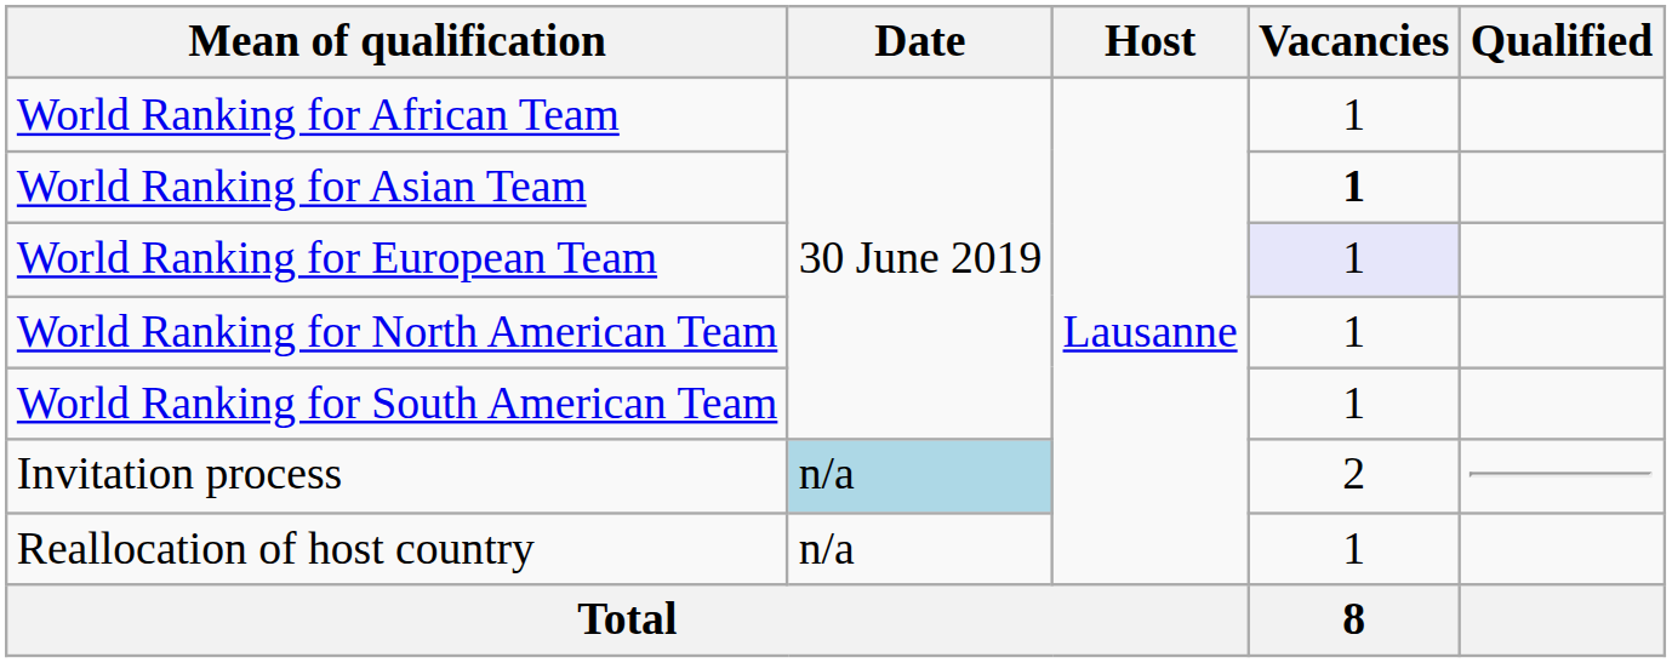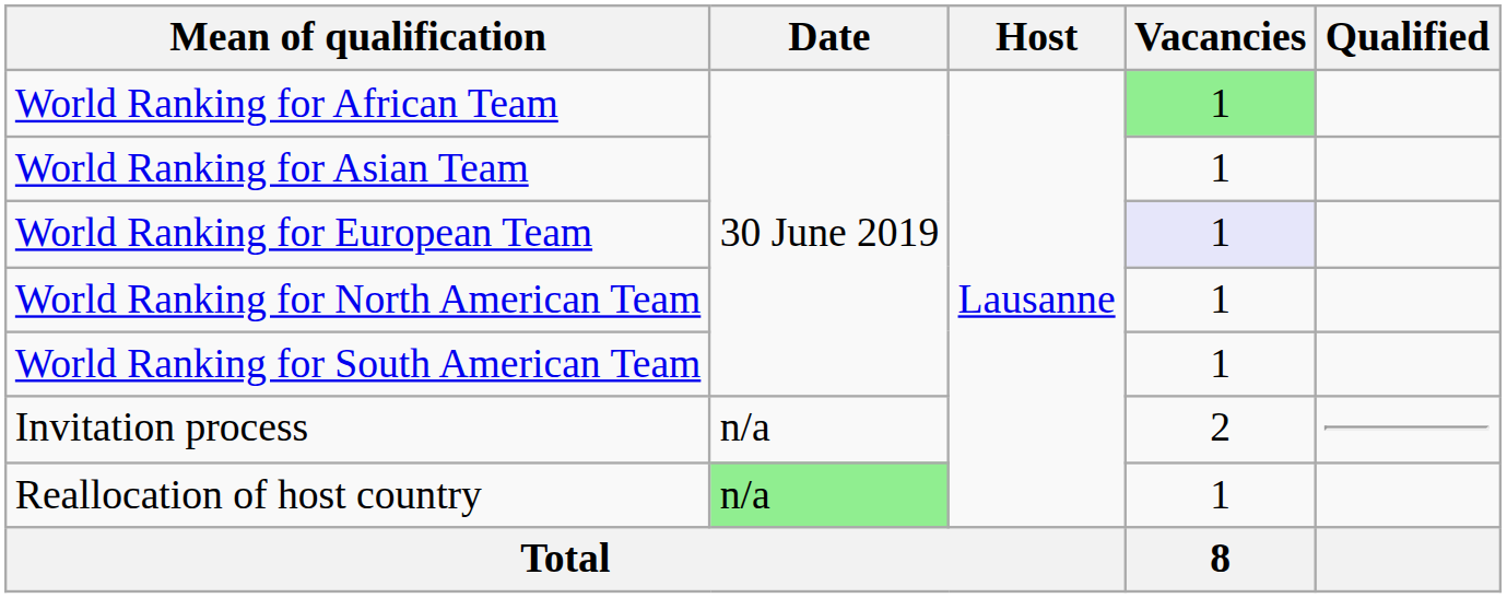 <table class="wikitable">
 <tr>
 <th>Mean of qualification</th>
 <th>Date</th>
 <th>Host</th>
 <th>Vacancies</th>
 <th>Qualified</th>
 </tr>
 <tr>
 <td><a href='#'>World Ranking for African Team</a></td>
 <td rowspan=5>30 June 2019</td>
 <td rowspan=7> <a href='#'>Lausanne</a></td>
-<td style="text-align:center;">1</td>
+<td style="background: lightgreen; text-align:center;">1</td>
 <td></td>
 </tr>
 <tr>
 <td><a href='#'>World Ranking for Asian Team</a></td>
-<td style="text-align:center;"><strong>1</strong></td>
+<td style="text-align:center;">1</td>
 <td></td>
 </tr>
 <tr>
 <td><a href='#'>World Ranking for European Team</a></td>
 <td style="background: lavender; text-align:center;">1</td>
 <td></td>
 </tr>
 <tr>
 <td><a href='#'>World Ranking for North American Team</a></td>
 <td style="text-align:center;">1</td>
 <td></td>
 </tr>
 <tr>
 <td><a href='#'>World Ranking for South American Team</a></td>
 <td style="text-align:center;">1</td>
 <td></td>
 </tr>
 <tr>
 <td>Invitation process</td>
-<td style="background: lightblue;">n/a</td>
+<td>n/a</td>
 <td style="text-align:center;">2</td>
 <td><hr></td>
 </tr>
 <tr>
 <td>Reallocation of host country</td>
-<td>n/a</td>
+<td style="background: lightgreen;">n/a</td>
 <td style="text-align:center;">1</td>
 <td></td>
 </tr>
 <tr>
 <th colspan="3">Total</th>
 <th>8</th>
 <th></th>
 </tr>
 </table>
